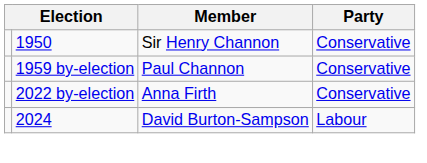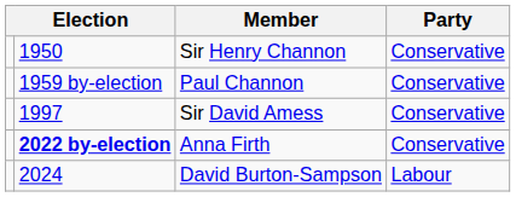 <table class="wikitable">
 <tr>
 <th colspan="2">Election</th>
 <th>Member</th>
 <th>Party</th>
 </tr>
 <tr>
 <td style="color:inherit;background-color: "></td>
 <td><a href='#'>1950</a></td>
 <td>Sir <a href='#'>Henry Channon</a></td>
 <td><a href='#'>Conservative</a></td>
 </tr>
 <tr>
 <td style="color:inherit;background-color: "></td>
 <td><a href='#'>1959 by-election</a></td>
 <td><a href='#'>Paul Channon</a></td>
 <td><a href='#'>Conservative</a></td>
 </tr>
 <tr>
 <td style="color:inherit;background-color: "></td>
-<td><a href='#'>2022 by-election</a></td>
+<td><a href='#'>1997</a></td>
+<td>Sir <a href='#'>David Amess</a></td>
+<td><a href='#'>Conservative</a></td>
+</tr>
+<tr>
+<td style="color:inherit;background-color: "></td>
+<td><strong><a href='#'>2022 by-election</a></strong></td>
 <td><a href='#'>Anna Firth</a></td>
 <td><a href='#'>Conservative</a></td>
 </tr>
 <tr>
 <td style="color:inherit;background-color: "></td>
 <td><a href='#'>2024</a></td>
 <td><a href='#'>David Burton-Sampson</a></td>
 <td><a href='#'>Labour</a></td>
 </tr>
 </table>
